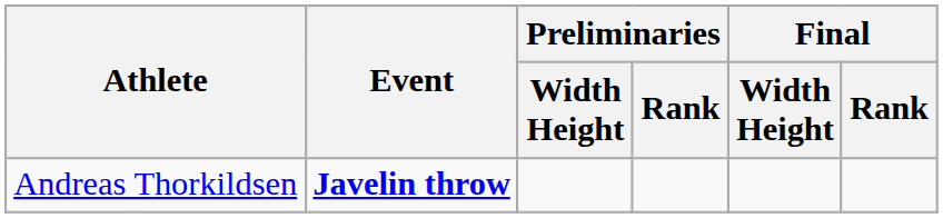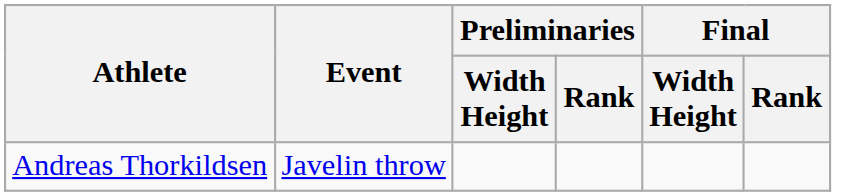 <table class=wikitable style="font-size:90%;">
 <tr>
 <th rowspan="2">Athlete</th>
 <th rowspan="2">Event</th>
 <th colspan="2">Preliminaries</th>
 <th colspan="2">Final</th>
 </tr>
 <tr>
 <th>Width<br>Height</th>
 <th>Rank</th>
 <th>Width<br>Height</th>
 <th>Rank</th>
 </tr>
 <tr style="border-top: single;">
 <td><a href='#'>Andreas Thorkildsen</a></td>
-<td><strong><a href='#'>Javelin throw</a></strong></td>
+<td><a href='#'>Javelin throw</a></td>
 <td align=center></td>
 <td align=center></td>
 <td align=center></td>
 <td align=center></td>
 </tr>
 </table>
